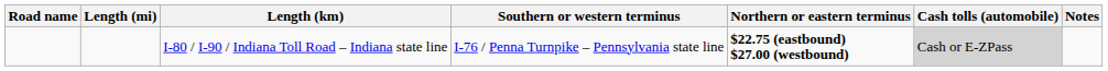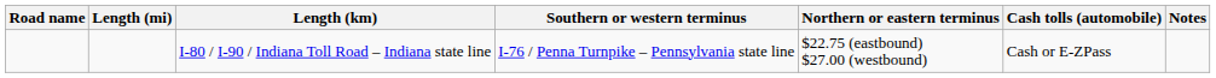 <table class=wikitable>
 <tr>
 <th scope=col>Road name</th>
 <th scope=col>Length (mi)</th>
 <th scope=col>Length (km)</th>
 <th scope=col>Southern or western terminus</th>
 <th scope=col>Northern or eastern terminus</th>
 <th scope=col>Cash tolls (automobile)</th>
 <th scope=col>Notes</th>
 </tr>
 <tr>
 <td></td>
 <td></td>
 <td><a href='#'>I-80</a> / <a href='#'>I-90</a> / <a href='#'>Indiana Toll Road</a> – <a href='#'>Indiana</a> state line</td>
 <td><a href='#'>I-76</a> / <a href='#'>Penna Turnpike</a> – <a href='#'>Pennsylvania</a> state line</td>
-<td><strong>$22.75 (eastbound)<br>$27.00 (westbound)</strong></td>
-<td style="background: lightgrey;">Cash or E-ZPass</td>
+<td>$22.75 (eastbound)<br>$27.00 (westbound)</td>
+<td>Cash or E-ZPass</td>
 </tr>
 </table>
